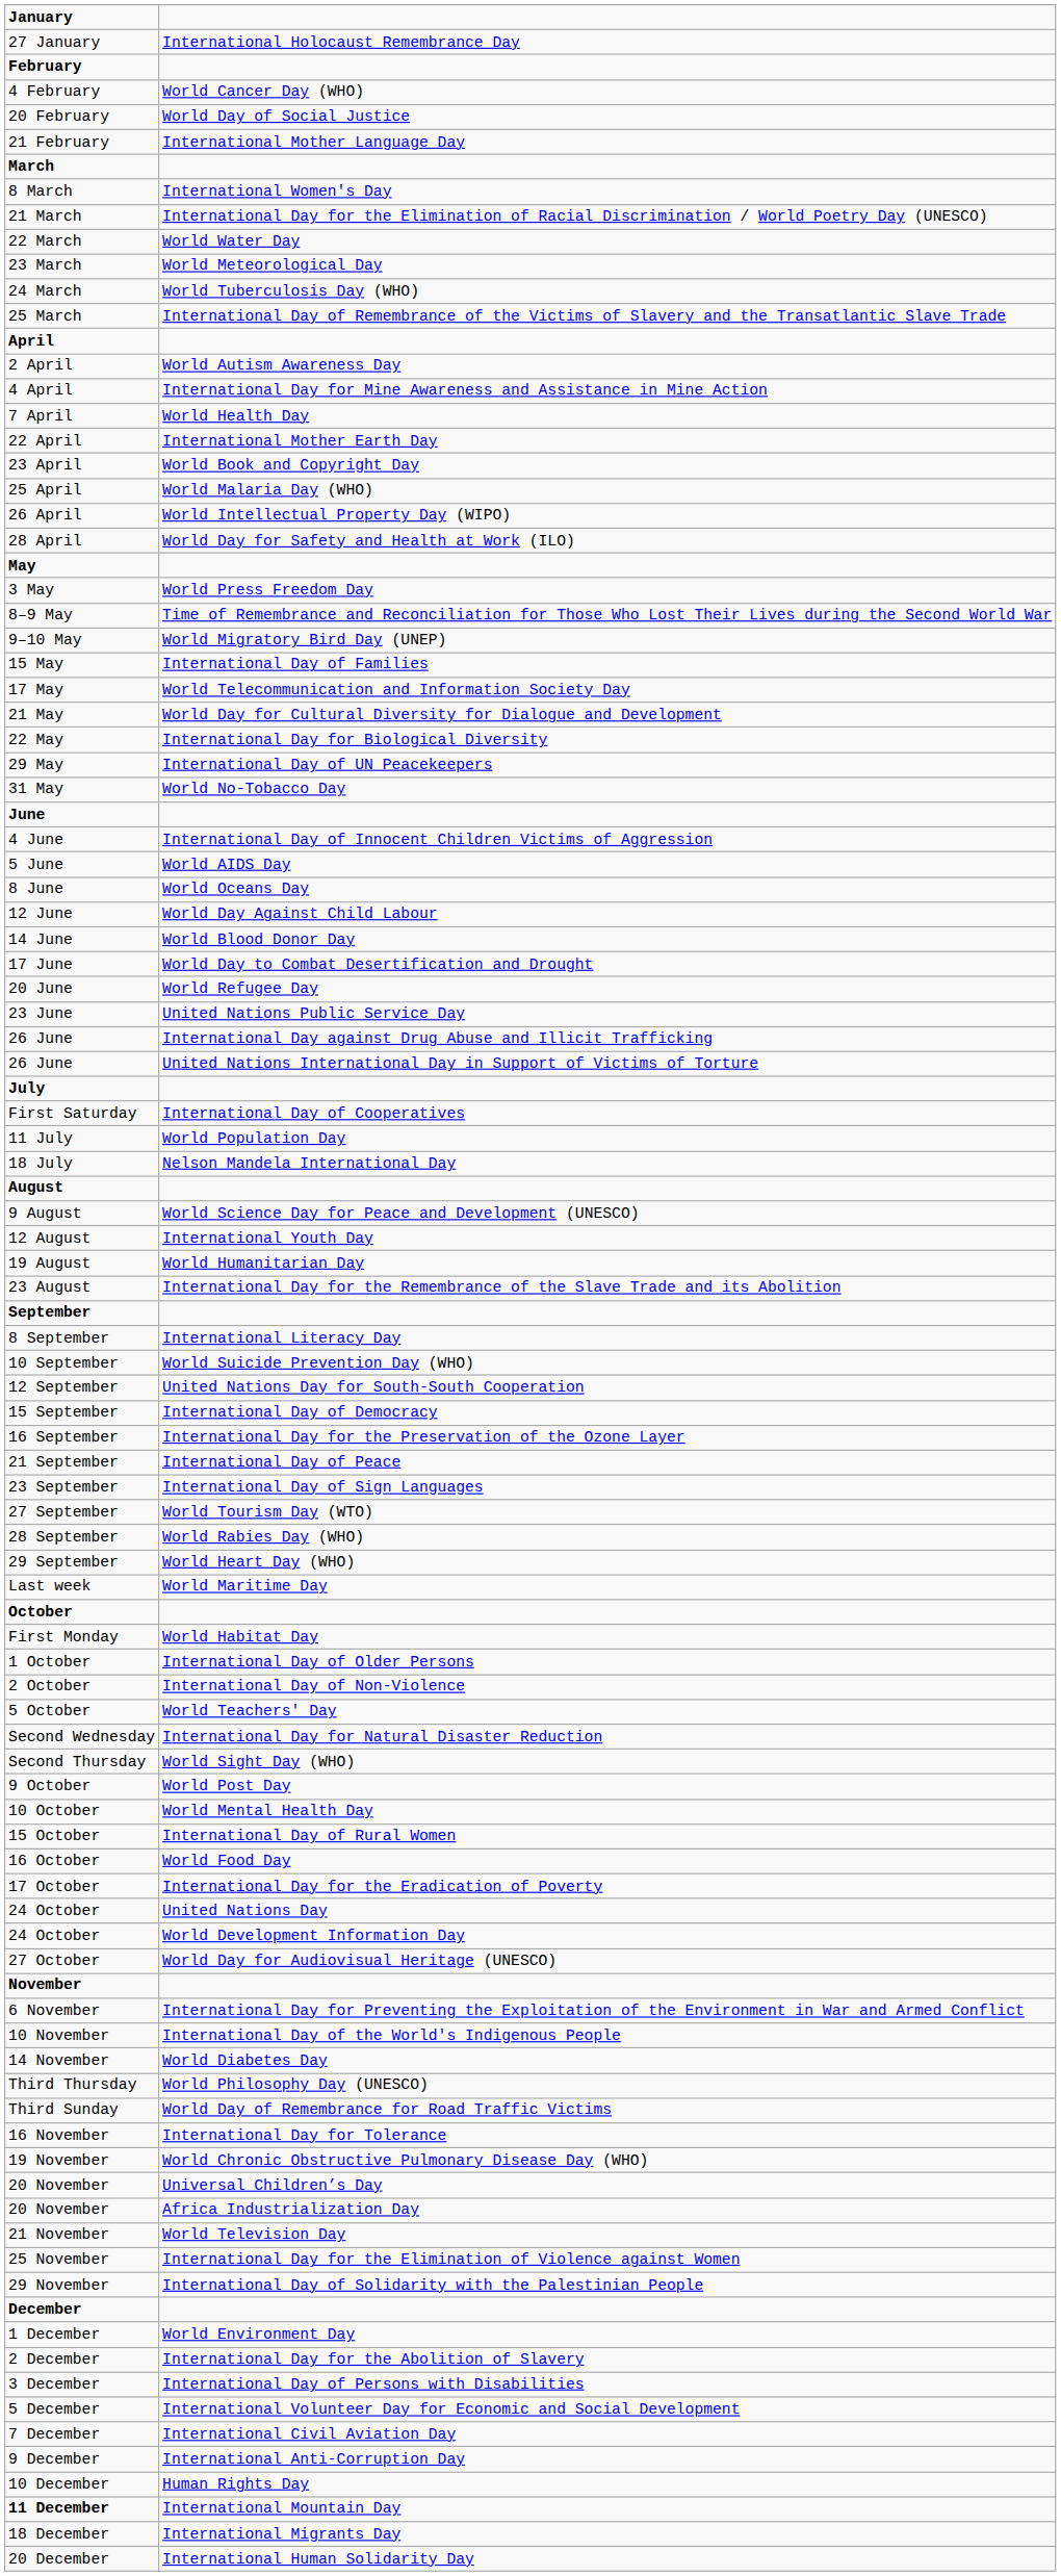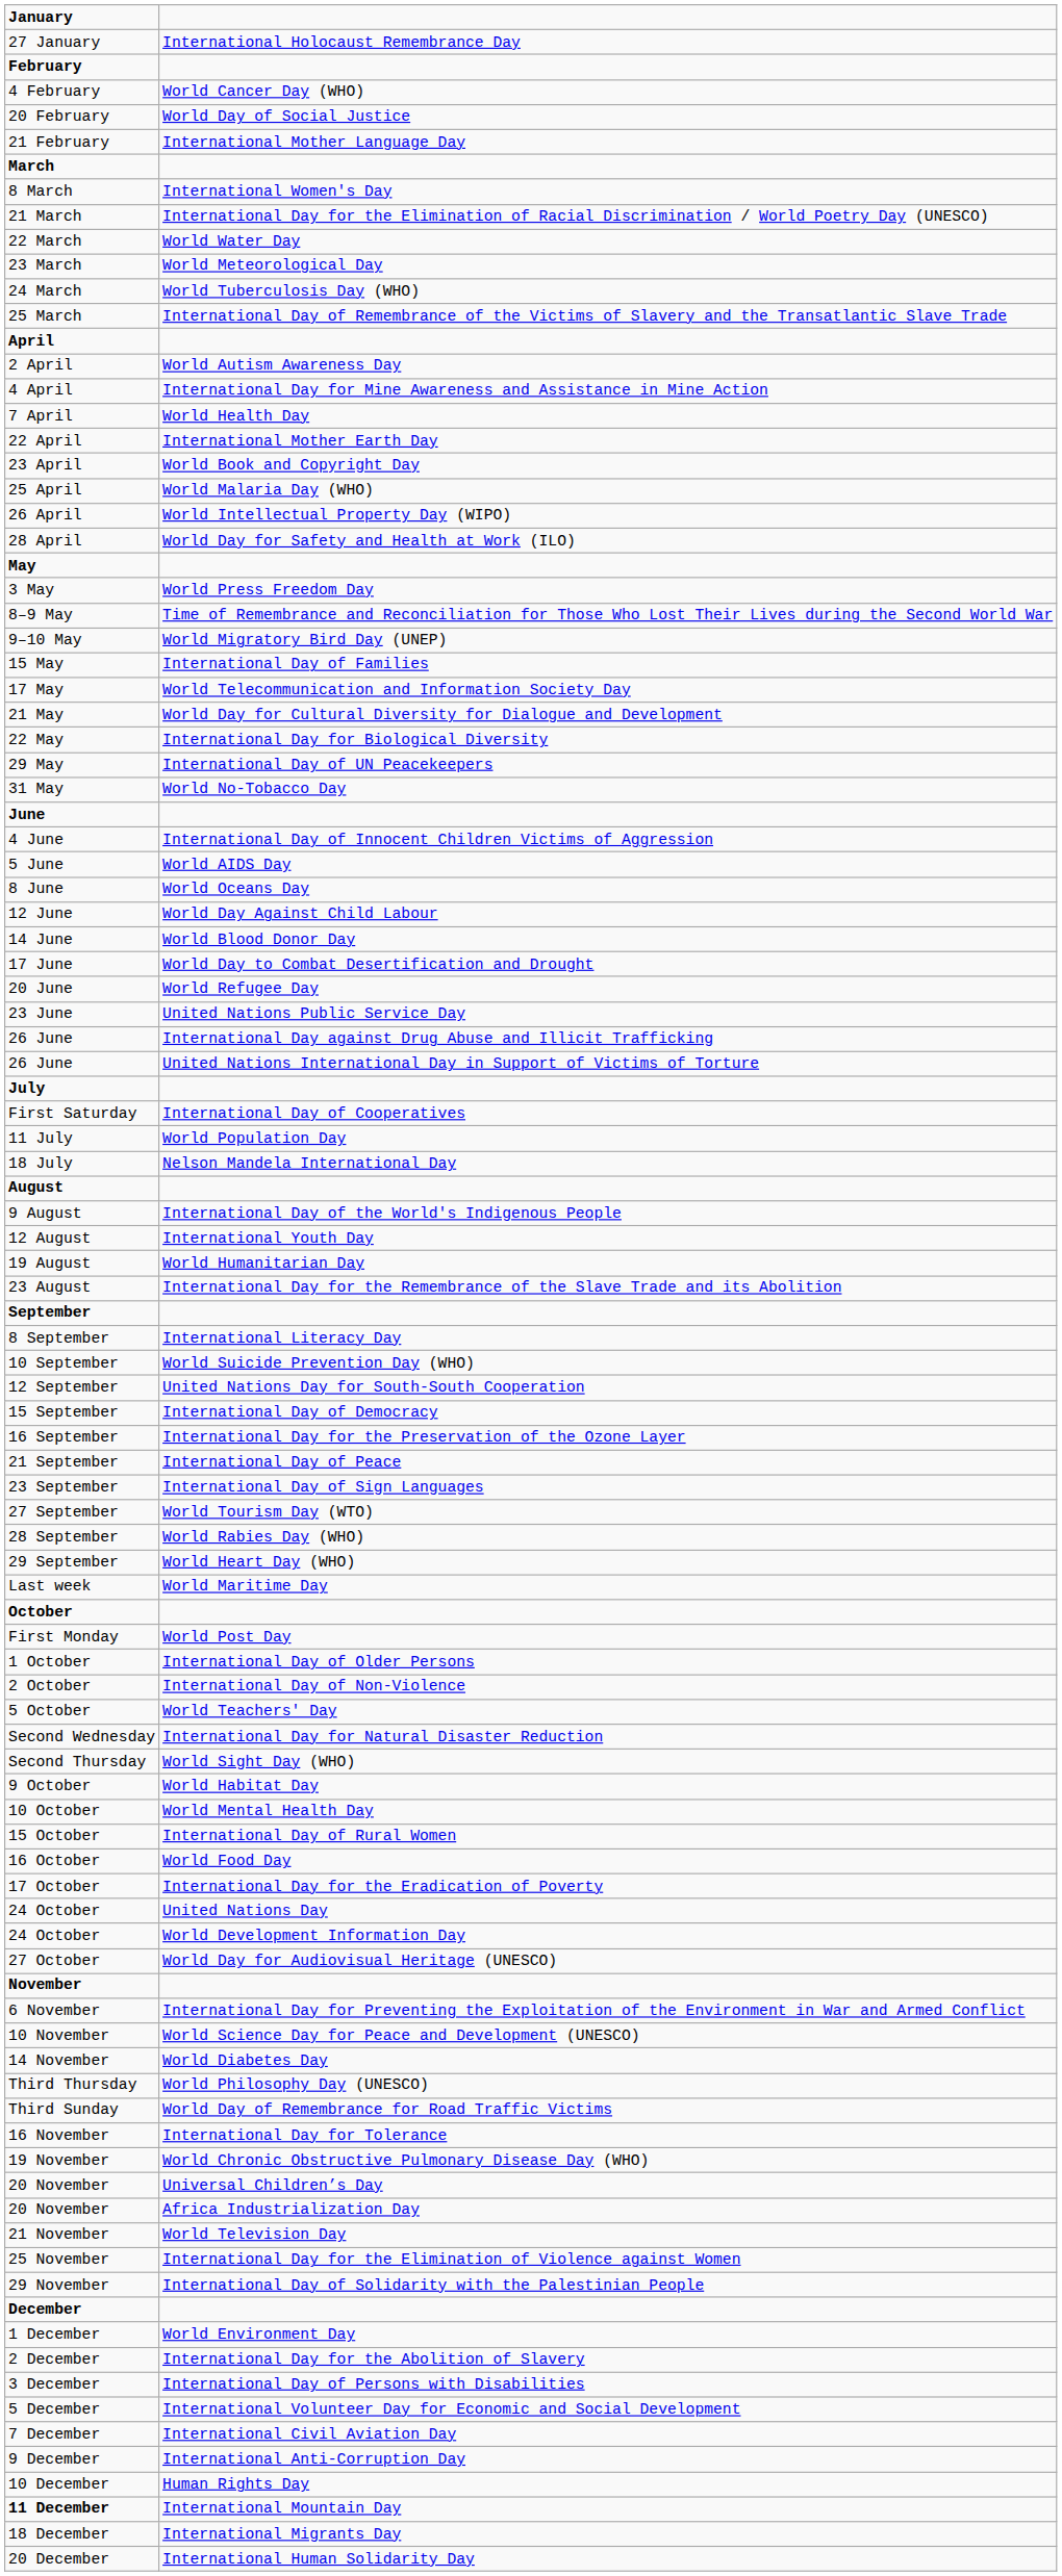 <table class="wikitable">
 <tr>
 <td><strong>January</strong></td>
 <td></td>
 </tr>
 <tr>
 <td>27 January</td>
 <td><a href='#'>International Holocaust Remembrance Day</a></td>
 </tr>
 <tr>
 <td><strong>February</strong></td>
 <td></td>
 </tr>
 <tr>
 <td>4 February</td>
 <td><a href='#'>World Cancer Day</a> (WHO)</td>
 </tr>
 <tr>
 <td>20 February</td>
 <td><a href='#'>World Day of Social Justice</a></td>
 </tr>
 <tr>
 <td>21 February</td>
 <td><a href='#'>International Mother Language Day</a></td>
 </tr>
 <tr>
 <td><strong>March</strong></td>
 <td></td>
 </tr>
 <tr>
 <td>8 March</td>
 <td><a href='#'>International Women's Day</a></td>
 </tr>
 <tr>
 <td>21 March</td>
 <td><a href='#'>International Day for the Elimination of Racial Discrimination</a> / <a href='#'>World Poetry Day</a> (UNESCO)</td>
 </tr>
 <tr>
 <td>22 March</td>
 <td><a href='#'>World Water Day</a></td>
 </tr>
 <tr>
 <td>23 March</td>
 <td><a href='#'>World Meteorological Day</a></td>
 </tr>
 <tr>
 <td>24 March</td>
 <td><a href='#'>World Tuberculosis Day</a> (WHO)</td>
 </tr>
 <tr>
 <td>25 March</td>
 <td><a href='#'>International Day of Remembrance of the Victims of Slavery and the Transatlantic Slave Trade</a></td>
 </tr>
 <tr>
 <td><strong>April</strong></td>
 <td></td>
 </tr>
 <tr>
 <td>2 April</td>
 <td><a href='#'>World Autism Awareness Day</a></td>
 </tr>
 <tr>
 <td>4 April</td>
 <td><a href='#'>International Day for Mine Awareness and Assistance in Mine Action</a></td>
 </tr>
 <tr>
 <td>7 April</td>
 <td><a href='#'>World Health Day</a></td>
 </tr>
 <tr>
 <td>22 April</td>
 <td><a href='#'>International Mother Earth Day</a></td>
 </tr>
 <tr>
 <td>23 April</td>
 <td><a href='#'>World Book and Copyright Day</a></td>
 </tr>
 <tr>
 <td>25 April</td>
 <td><a href='#'>World Malaria Day</a> (WHO)</td>
 </tr>
 <tr>
 <td>26 April</td>
 <td><a href='#'>World Intellectual Property Day</a> (WIPO)</td>
 </tr>
 <tr>
 <td>28 April</td>
 <td><a href='#'>World Day for Safety and Health at Work</a> (ILO)</td>
 </tr>
 <tr>
 <td><strong>May</strong></td>
 <td></td>
 </tr>
 <tr>
 <td>3 May</td>
 <td><a href='#'>World Press Freedom Day</a></td>
 </tr>
 <tr>
 <td>8–9 May</td>
 <td><a href='#'>Time of Remembrance and Reconciliation for Those Who Lost Their Lives during the Second World War</a></td>
 </tr>
 <tr>
 <td>9–10 May</td>
 <td><a href='#'>World Migratory Bird Day</a> (UNEP)</td>
 </tr>
 <tr>
 <td>15 May</td>
 <td><a href='#'>International Day of Families</a></td>
 </tr>
 <tr>
 <td>17 May</td>
 <td><a href='#'>World Telecommunication and Information Society Day</a></td>
 </tr>
 <tr>
 <td>21 May</td>
 <td><a href='#'>World Day for Cultural Diversity for Dialogue and Development</a></td>
 </tr>
 <tr>
 <td>22 May</td>
 <td><a href='#'>International Day for Biological Diversity</a></td>
 </tr>
 <tr>
 <td>29 May</td>
 <td><a href='#'>International Day of UN Peacekeepers</a></td>
 </tr>
 <tr>
 <td>31 May</td>
 <td><a href='#'>World No-Tobacco Day</a></td>
 </tr>
 <tr>
 <td><strong>June</strong></td>
 <td></td>
 </tr>
 <tr>
 <td>4 June</td>
 <td><a href='#'>International Day of Innocent Children Victims of Aggression</a></td>
 </tr>
 <tr>
 <td>5 June</td>
 <td><a href='#'>World AIDS Day</a></td>
 </tr>
 <tr>
 <td>8 June</td>
 <td><a href='#'>World Oceans Day</a></td>
 </tr>
 <tr>
 <td>12 June</td>
 <td><a href='#'>World Day Against Child Labour</a></td>
 </tr>
 <tr>
 <td>14 June</td>
 <td><a href='#'>World Blood Donor Day</a></td>
 </tr>
 <tr>
 <td>17 June</td>
 <td><a href='#'>World Day to Combat Desertification and Drought</a></td>
 </tr>
 <tr>
 <td>20 June</td>
 <td><a href='#'>World Refugee Day</a></td>
 </tr>
 <tr>
 <td>23 June</td>
 <td><a href='#'>United Nations Public Service Day</a></td>
 </tr>
 <tr>
 <td>26 June</td>
 <td><a href='#'>International Day against Drug Abuse and Illicit Trafficking</a></td>
 </tr>
 <tr>
 <td>26 June</td>
 <td><a href='#'>United Nations International Day in Support of Victims of Torture</a></td>
 </tr>
 <tr>
 <td><strong>July</strong></td>
 <td></td>
 </tr>
 <tr>
 <td>First Saturday</td>
 <td><a href='#'>International Day of Cooperatives</a></td>
 </tr>
 <tr>
 <td>11 July</td>
 <td><a href='#'>World Population Day</a></td>
 </tr>
 <tr>
 <td>18 July</td>
 <td><a href='#'>Nelson Mandela International Day</a></td>
 </tr>
 <tr>
 <td><strong>August</strong></td>
 <td></td>
 </tr>
 <tr>
 <td>9 August</td>
-<td><a href='#'>World Science Day for Peace and Development</a> (UNESCO)</td>
+<td><a href='#'>International Day of the World's Indigenous People</a></td>
 </tr>
 <tr>
 <td>12 August</td>
 <td><a href='#'>International Youth Day</a></td>
 </tr>
 <tr>
 <td>19 August</td>
 <td><a href='#'>World Humanitarian Day</a></td>
 </tr>
 <tr>
 <td>23 August</td>
 <td><a href='#'>International Day for the Remembrance of the Slave Trade and its Abolition</a></td>
 </tr>
 <tr>
 <td><strong>September</strong></td>
 <td></td>
 </tr>
 <tr>
 <td>8 September</td>
 <td><a href='#'>International Literacy Day</a></td>
 </tr>
 <tr>
 <td>10 September</td>
 <td><a href='#'>World Suicide Prevention Day</a> (WHO)</td>
 </tr>
 <tr>
 <td>12 September</td>
 <td><a href='#'>United Nations Day for South-South Cooperation</a></td>
 </tr>
 <tr>
 <td>15 September</td>
 <td><a href='#'>International Day of Democracy</a></td>
 </tr>
 <tr>
 <td>16 September</td>
 <td><a href='#'>International Day for the Preservation of the Ozone Layer</a></td>
 </tr>
 <tr>
 <td>21 September</td>
 <td><a href='#'>International Day of Peace</a></td>
 </tr>
 <tr>
 <td>23 September</td>
 <td><a href='#'>International Day of Sign Languages</a></td>
 </tr>
 <tr>
 <td>27 September</td>
 <td><a href='#'>World Tourism Day</a> (WTO)</td>
 </tr>
 <tr>
 <td>28 September</td>
 <td><a href='#'>World Rabies Day</a> (WHO)</td>
 </tr>
 <tr>
 <td>29 September</td>
 <td><a href='#'>World Heart Day</a> (WHO)</td>
 </tr>
 <tr>
 <td>Last week</td>
 <td><a href='#'>World Maritime Day</a></td>
 </tr>
 <tr>
 <td><strong>October</strong></td>
 <td></td>
 </tr>
 <tr>
 <td>First Monday</td>
-<td><a href='#'>World Habitat Day</a></td>
+<td><a href='#'>World Post Day</a></td>
 </tr>
 <tr>
 <td>1 October</td>
 <td><a href='#'>International Day of Older Persons</a></td>
 </tr>
 <tr>
 <td>2 October</td>
 <td><a href='#'>International Day of Non-Violence</a></td>
 </tr>
 <tr>
 <td>5 October</td>
 <td><a href='#'>World Teachers' Day</a></td>
 </tr>
 <tr>
 <td>Second Wednesday</td>
 <td><a href='#'>International Day for Natural Disaster Reduction</a></td>
 </tr>
 <tr>
 <td>Second Thursday</td>
 <td><a href='#'>World Sight Day</a> (WHO)</td>
 </tr>
 <tr>
 <td>9 October</td>
-<td><a href='#'>World Post Day</a></td>
+<td><a href='#'>World Habitat Day</a></td>
 </tr>
 <tr>
 <td>10 October</td>
 <td><a href='#'>World Mental Health Day</a></td>
 </tr>
 <tr>
 <td>15 October</td>
 <td><a href='#'>International Day of Rural Women</a></td>
 </tr>
 <tr>
 <td>16 October</td>
 <td><a href='#'>World Food Day</a></td>
 </tr>
 <tr>
 <td>17 October</td>
 <td><a href='#'>International Day for the Eradication of Poverty</a></td>
 </tr>
 <tr>
 <td>24 October</td>
 <td><a href='#'>United Nations Day</a></td>
 </tr>
 <tr>
 <td>24 October</td>
 <td><a href='#'>World Development Information Day</a></td>
 </tr>
 <tr>
 <td>27 October</td>
 <td><a href='#'>World Day for Audiovisual Heritage</a> (UNESCO)</td>
 </tr>
 <tr>
 <td><strong>November</strong></td>
 <td></td>
 </tr>
 <tr>
 <td>6 November</td>
 <td><a href='#'>International Day for Preventing the Exploitation of the Environment in War and Armed Conflict</a></td>
 </tr>
 <tr>
 <td>10 November</td>
-<td><a href='#'>International Day of the World's Indigenous People</a></td>
+<td><a href='#'>World Science Day for Peace and Development</a> (UNESCO)</td>
 </tr>
 <tr>
 <td>14 November</td>
 <td><a href='#'>World Diabetes Day</a></td>
 </tr>
 <tr>
 <td>Third Thursday</td>
 <td><a href='#'>World Philosophy Day</a> (UNESCO)</td>
 </tr>
 <tr>
 <td>Third Sunday</td>
 <td><a href='#'>World Day of Remembrance for Road Traffic Victims</a></td>
 </tr>
 <tr>
 <td>16 November</td>
 <td><a href='#'>International Day for Tolerance</a></td>
 </tr>
 <tr>
 <td>19 November</td>
 <td><a href='#'>World Chronic Obstructive Pulmonary Disease Day</a> (WHO)</td>
 </tr>
 <tr>
 <td>20 November</td>
 <td><a href='#'>Universal Children’s Day</a></td>
 </tr>
 <tr>
 <td>20 November</td>
 <td><a href='#'>Africa Industrialization Day</a></td>
 </tr>
 <tr>
 <td>21 November</td>
 <td><a href='#'>World Television Day</a></td>
 </tr>
 <tr>
 <td>25 November</td>
 <td><a href='#'>International Day for the Elimination of Violence against Women</a></td>
 </tr>
 <tr>
 <td>29 November</td>
 <td><a href='#'>International Day of Solidarity with the Palestinian People</a></td>
 </tr>
 <tr>
 <td><strong>December</strong></td>
 <td></td>
 </tr>
 <tr>
 <td>1 December</td>
 <td><a href='#'>World Environment Day</a></td>
 </tr>
 <tr>
 <td>2 December</td>
 <td><a href='#'>International Day for the Abolition of Slavery</a></td>
 </tr>
 <tr>
 <td>3 December</td>
 <td><a href='#'>International Day of Persons with Disabilities</a></td>
 </tr>
 <tr>
 <td>5 December</td>
 <td><a href='#'>International Volunteer Day for Economic and Social Development</a></td>
 </tr>
 <tr>
 <td>7 December</td>
 <td><a href='#'>International Civil Aviation Day</a></td>
 </tr>
 <tr>
 <td>9 December</td>
 <td><a href='#'>International Anti-Corruption Day</a></td>
 </tr>
 <tr>
 <td>10 December</td>
 <td><a href='#'>Human Rights Day</a></td>
 </tr>
 <tr>
 <td><strong>11 December</strong></td>
 <td><a href='#'>International Mountain Day</a></td>
 </tr>
 <tr>
 <td>18 December</td>
 <td><a href='#'>International Migrants Day</a></td>
 </tr>
 <tr>
 <td>20 December</td>
 <td><a href='#'>International Human Solidarity Day</a></td>
 </tr>
 </table>
